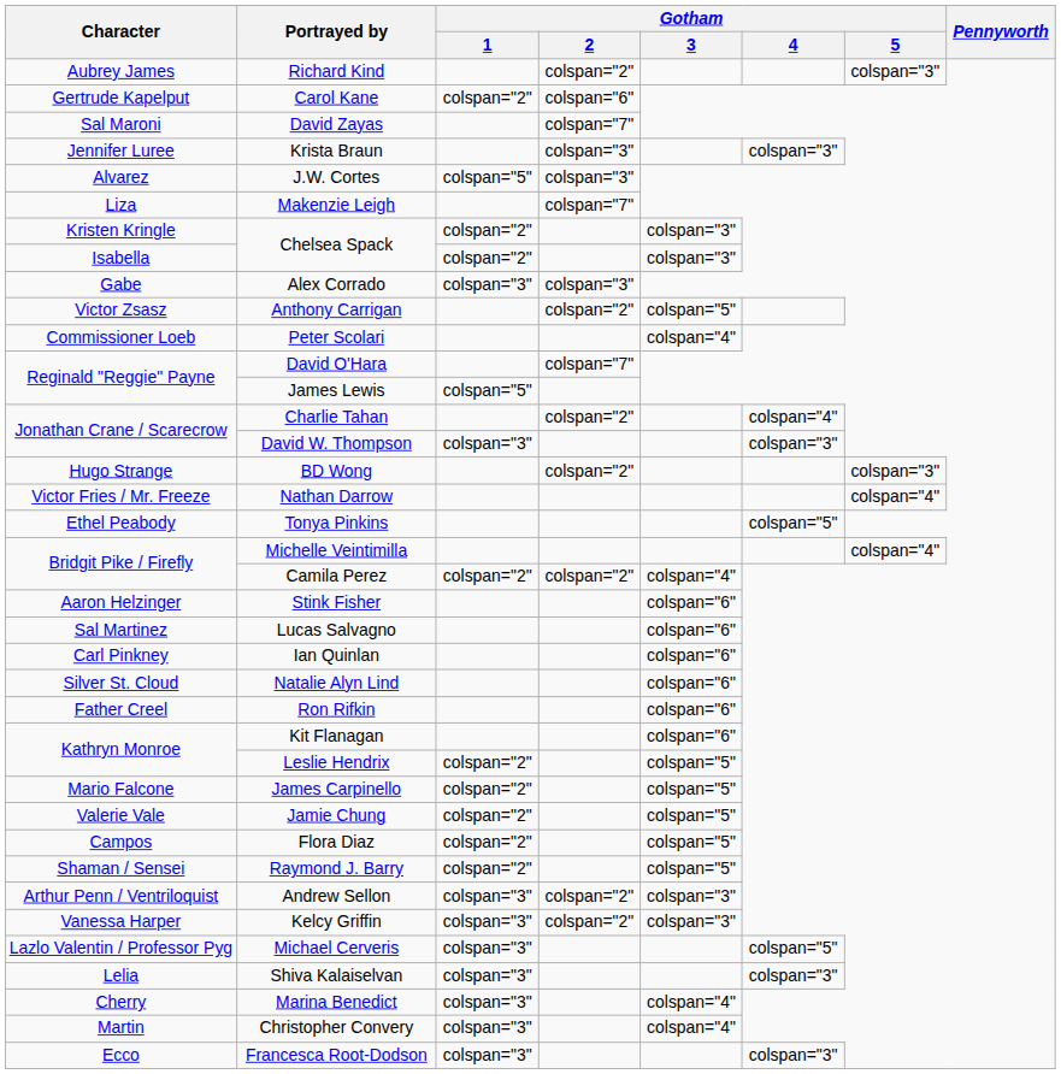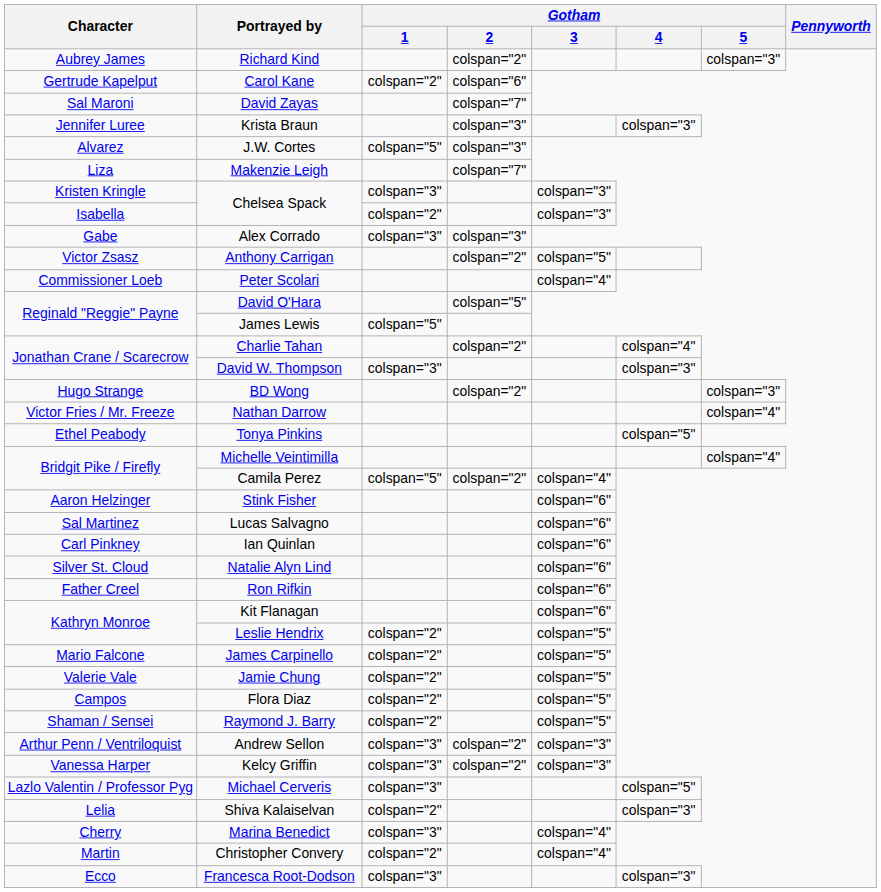 <table class="wikitable" style="text-align:center">
 <tr>
 <th scope="col" rowspan="2" style="width:22%;">Character</th>
 <th scope="col" rowspan="2">Portrayed by</th>
 <th scope="col" colspan="5"><em><a href='#'>Gotham</a></em></th>
 <th scope="col" rowspan="2"><em><a href='#'>Pennyworth</a></em></th>
 </tr>
 <tr>
 <th scope="col"><a href='#'>1</a></th>
 <th scope="col"><a href='#'>2</a></th>
 <th scope="col"><a href='#'>3</a></th>
 <th scope="col"><a href='#'>4</a></th>
 <th scope="col"><a href='#'>5</a></th>
 </tr>
 <tr>
 <td><a href='#'>Aubrey James</a></td>
 <td><a href='#'>Richard Kind</a></td>
 <td></td>
 <td>colspan="2" </td>
 <td></td>
 <td></td>
 <td>colspan="3" </td>
 </tr>
 <tr>
 <td><a href='#'>Gertrude Kapelput</a></td>
 <td><a href='#'>Carol Kane</a></td>
 <td>colspan="2" </td>
 <td>colspan="6" </td>
 </tr>
 <tr>
 <td><a href='#'>Sal Maroni</a></td>
 <td><a href='#'>David Zayas</a></td>
 <td></td>
 <td>colspan="7" </td>
 </tr>
 <tr>
 <td><a href='#'>Jennifer Luree</a></td>
 <td>Krista Braun</td>
 <td></td>
 <td>colspan="3" </td>
 <td></td>
 <td>colspan="3" </td>
 </tr>
 <tr>
 <td><a href='#'>Alvarez</a></td>
 <td>J.W. Cortes</td>
 <td>colspan="5" </td>
 <td>colspan="3" </td>
 </tr>
 <tr>
 <td><a href='#'>Liza</a></td>
 <td><a href='#'>Makenzie Leigh</a></td>
 <td></td>
 <td>colspan="7" </td>
 </tr>
 <tr>
 <td><a href='#'>Kristen Kringle</a></td>
 <td rowspan="2">Chelsea Spack</td>
-<td>colspan="2" </td>
+<td>colspan="3" </td>
 <td></td>
 <td>colspan="3" </td>
 </tr>
 <tr>
 <td><a href='#'>Isabella</a></td>
 <td>colspan="2" </td>
 <td></td>
 <td>colspan="3" </td>
 </tr>
 <tr>
 <td><a href='#'>Gabe</a></td>
 <td>Alex Corrado</td>
 <td>colspan="3" </td>
 <td>colspan="3" </td>
 </tr>
 <tr>
 <td><a href='#'>Victor Zsasz</a></td>
 <td><a href='#'>Anthony Carrigan</a></td>
 <td></td>
 <td>colspan="2" </td>
 <td>colspan="5" </td>
 <td></td>
 </tr>
 <tr>
 <td><a href='#'>Commissioner Loeb</a></td>
 <td><a href='#'>Peter Scolari</a></td>
 <td></td>
 <td></td>
 <td>colspan="4" </td>
 </tr>
 <tr>
 <td rowspan="2"><a href='#'>Reginald "Reggie" Payne</a></td>
 <td><a href='#'>David O'Hara</a></td>
 <td></td>
-<td>colspan="7" </td>
+<td>colspan="5" </td>
 </tr>
 <tr>
 <td>James Lewis</td>
 <td>colspan="5" </td>
 <td></td>
 </tr>
 <tr>
 <td rowspan="2"><a href='#'>Jonathan Crane / Scarecrow</a></td>
 <td><a href='#'>Charlie Tahan</a></td>
 <td></td>
 <td>colspan="2" </td>
 <td></td>
 <td>colspan="4" </td>
 </tr>
 <tr>
 <td><a href='#'>David W. Thompson</a></td>
 <td>colspan="3" </td>
 <td></td>
 <td></td>
 <td>colspan="3" </td>
 </tr>
 <tr>
 <td><a href='#'>Hugo Strange</a></td>
 <td><a href='#'>BD Wong</a></td>
 <td></td>
 <td>colspan="2" </td>
 <td></td>
 <td></td>
 <td>colspan="3" </td>
 </tr>
 <tr>
 <td><a href='#'>Victor Fries / Mr. Freeze</a></td>
 <td><a href='#'>Nathan Darrow</a></td>
 <td></td>
 <td></td>
 <td></td>
 <td></td>
 <td>colspan="4" </td>
 </tr>
 <tr>
 <td><a href='#'>Ethel Peabody</a></td>
 <td><a href='#'>Tonya Pinkins</a></td>
 <td></td>
 <td></td>
 <td></td>
 <td>colspan="5" </td>
 </tr>
 <tr>
 <td rowspan="2"><a href='#'>Bridgit Pike / Firefly</a></td>
 <td><a href='#'>Michelle Veintimilla</a></td>
 <td></td>
 <td></td>
 <td></td>
 <td></td>
 <td>colspan="4" </td>
 </tr>
 <tr>
 <td>Camila Perez</td>
-<td>colspan="2" </td>
+<td>colspan="5" </td>
 <td>colspan="2" </td>
 <td>colspan="4" </td>
 </tr>
 <tr>
 <td><a href='#'>Aaron Helzinger</a></td>
 <td><a href='#'>Stink Fisher</a></td>
 <td></td>
 <td></td>
 <td>colspan="6" </td>
 </tr>
 <tr>
 <td><a href='#'>Sal Martinez</a></td>
 <td>Lucas Salvagno</td>
 <td></td>
 <td></td>
 <td>colspan="6" </td>
 </tr>
 <tr>
 <td><a href='#'>Carl Pinkney</a></td>
 <td>Ian Quinlan</td>
 <td></td>
 <td></td>
 <td>colspan="6" </td>
 </tr>
 <tr>
 <td><a href='#'>Silver St. Cloud</a></td>
 <td><a href='#'>Natalie Alyn Lind</a></td>
 <td></td>
 <td></td>
 <td>colspan="6" </td>
 </tr>
 <tr>
 <td><a href='#'>Father Creel</a></td>
 <td><a href='#'>Ron Rifkin</a></td>
 <td></td>
 <td></td>
 <td>colspan="6" </td>
 </tr>
 <tr>
 <td rowspan="2"><a href='#'>Kathryn Monroe</a></td>
 <td>Kit Flanagan</td>
 <td></td>
 <td></td>
 <td>colspan="6" </td>
 </tr>
 <tr>
 <td><a href='#'>Leslie Hendrix</a></td>
 <td>colspan="2" </td>
 <td></td>
 <td>colspan="5" </td>
 </tr>
 <tr>
 <td><a href='#'>Mario Falcone</a></td>
 <td><a href='#'>James Carpinello</a></td>
 <td>colspan="2" </td>
 <td></td>
 <td>colspan="5" </td>
 </tr>
 <tr>
 <td><a href='#'>Valerie Vale</a></td>
 <td><a href='#'>Jamie Chung</a></td>
 <td>colspan="2" </td>
 <td></td>
 <td>colspan="5" </td>
 </tr>
 <tr>
 <td><a href='#'>Campos</a></td>
 <td>Flora Diaz</td>
 <td>colspan="2" </td>
 <td></td>
 <td>colspan="5" </td>
 </tr>
 <tr>
 <td><a href='#'>Shaman / Sensei</a></td>
 <td><a href='#'>Raymond J. Barry</a></td>
 <td>colspan="2" </td>
 <td></td>
 <td>colspan="5" </td>
 </tr>
 <tr>
 <td><a href='#'>Arthur Penn / Ventriloquist</a></td>
 <td>Andrew Sellon</td>
 <td>colspan="3" </td>
 <td>colspan="2" </td>
 <td>colspan="3" </td>
 </tr>
 <tr>
 <td><a href='#'>Vanessa Harper</a></td>
 <td>Kelcy Griffin</td>
 <td>colspan="3" </td>
 <td>colspan="2" </td>
 <td>colspan="3" </td>
 </tr>
 <tr>
 <td><a href='#'>Lazlo Valentin / Professor Pyg</a></td>
 <td><a href='#'>Michael Cerveris</a></td>
 <td>colspan="3" </td>
 <td></td>
 <td></td>
 <td>colspan="5" </td>
 </tr>
 <tr>
 <td><a href='#'>Lelia</a></td>
 <td>Shiva Kalaiselvan</td>
-<td>colspan="3" </td>
+<td>colspan="2" </td>
 <td></td>
 <td></td>
 <td>colspan="3" </td>
 </tr>
 <tr>
 <td><a href='#'>Cherry</a></td>
 <td><a href='#'>Marina Benedict</a></td>
 <td>colspan="3" </td>
 <td></td>
 <td>colspan="4" </td>
 </tr>
 <tr>
 <td><a href='#'>Martin</a></td>
 <td>Christopher Convery</td>
-<td>colspan="3" </td>
+<td>colspan="2" </td>
 <td></td>
 <td>colspan="4" </td>
 </tr>
 <tr>
 <td><a href='#'>Ecco</a></td>
 <td><a href='#'>Francesca Root-Dodson</a></td>
 <td>colspan="3" </td>
 <td></td>
 <td></td>
 <td>colspan="3" </td>
 </tr>
 </table>
